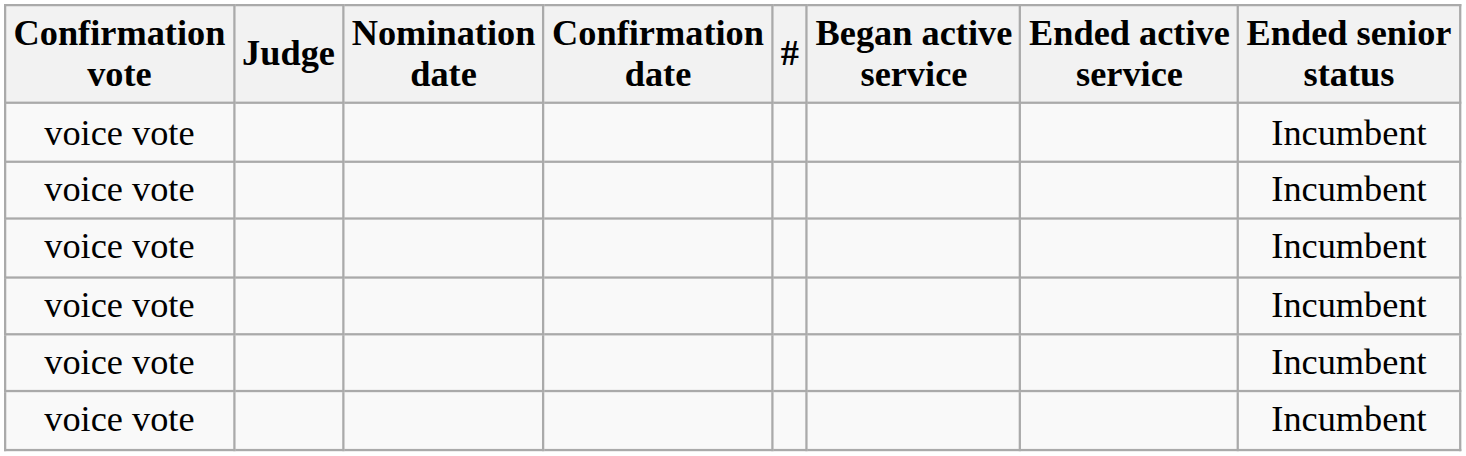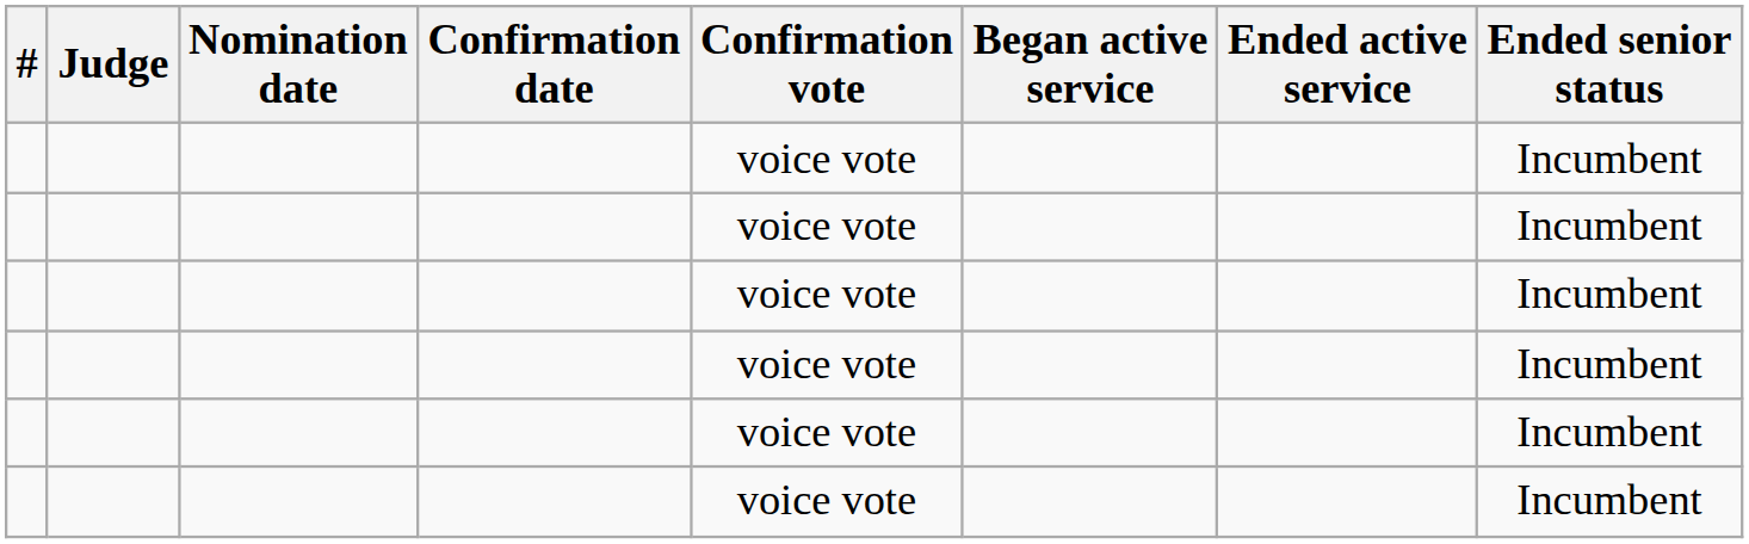 <table class="sortable wikitable">
 <tr>
-<th>Confirmation<br>vote</th>
+<th>#</th>
 <th>Judge</th>
 <th>Nomination<br>date</th>
 <th>Confirmation<br>date</th>
-<th>#</th>
+<th>Confirmation<br>vote</th>
 <th>Began active<br>service</th>
 <th>Ended active<br>service</th>
 <th>Ended senior<br>status</th>
 </tr>
 <tr>
-<td align="center">voice vote</td>
 <td></td>
 <td></td>
 <td></td>
 <td></td>
+<td align="center">voice vote</td>
 <td></td>
 <td></td>
 <td align="center">Incumbent</td>
 </tr>
 <tr>
-<td align="center">voice vote</td>
 <td></td>
 <td></td>
 <td></td>
 <td></td>
+<td align="center">voice vote</td>
 <td></td>
 <td></td>
 <td align="center">Incumbent</td>
 </tr>
 <tr>
-<td align="center">voice vote</td>
 <td></td>
 <td></td>
 <td></td>
 <td></td>
+<td align="center">voice vote</td>
 <td></td>
 <td></td>
 <td align="center">Incumbent</td>
 </tr>
 <tr>
-<td align="center">voice vote</td>
 <td></td>
 <td></td>
 <td></td>
 <td></td>
+<td align="center">voice vote</td>
 <td></td>
 <td></td>
 <td align="center">Incumbent</td>
 </tr>
 <tr>
-<td align="center">voice vote</td>
 <td></td>
 <td></td>
 <td></td>
 <td></td>
+<td align="center">voice vote</td>
 <td></td>
 <td></td>
 <td align="center">Incumbent</td>
 </tr>
 <tr>
-<td align="center">voice vote</td>
 <td></td>
 <td></td>
 <td></td>
 <td></td>
+<td align="center">voice vote</td>
 <td></td>
 <td></td>
 <td align="center">Incumbent</td>
 </tr>
 </table>
